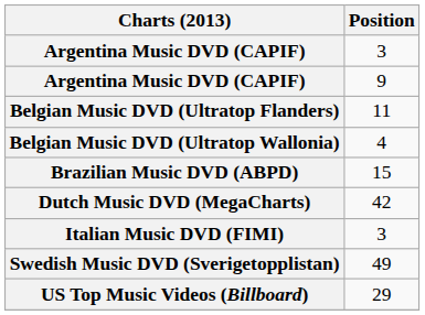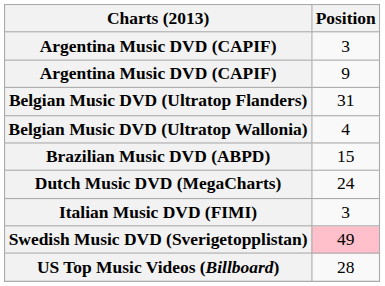 <table class="wikitable sortable plainrowheaders" style="text-align:center;">
 <tr>
 <th>Charts (2013)</th>
 <th>Position</th>
 </tr>
 <tr>
 <th scope="row">Argentina Music DVD (CAPIF)</th>
 <td>3</td>
 </tr>
 <tr>
 <th scope="row">Argentina Music DVD (CAPIF)<br></th>
 <td>9</td>
 </tr>
 <tr>
 <th scope="row">Belgian Music DVD (Ultratop Flanders)</th>
-<td>11</td>
+<td>31</td>
 </tr>
 <tr>
 <th scope="row">Belgian Music DVD (Ultratop Wallonia)</th>
 <td>4</td>
 </tr>
 <tr>
 <th scope="row">Brazilian Music DVD (ABPD)</th>
 <td>15</td>
 </tr>
 <tr>
 <th scope="row">Dutch Music DVD (MegaCharts)</th>
-<td>42</td>
+<td>24</td>
 </tr>
 <tr>
 <th scope="row">Italian Music DVD (FIMI)</th>
 <td>3</td>
 </tr>
 <tr>
 <th scope="row">Swedish Music DVD (Sverigetopplistan)</th>
-<td>49</td>
+<td style="background: pink;">49</td>
 </tr>
 <tr>
 <th scope="row">US Top Music Videos (<em>Billboard</em>)</th>
-<td>29</td>
+<td>28</td>
 </tr>
 <tr>
 </tr>
 </table>
